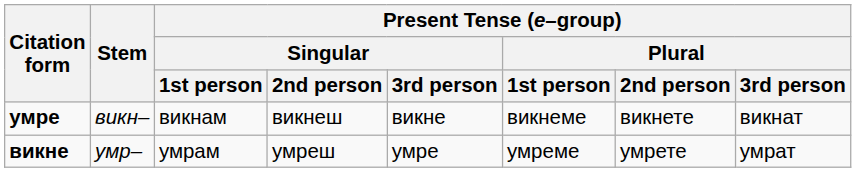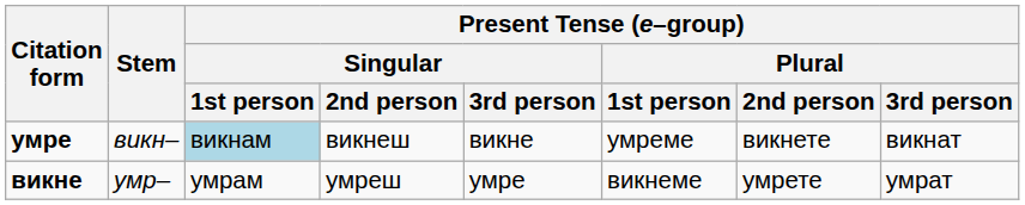 <table class="wikitable">
 <tr>
 <th rowspan="3">Citation<br>form</th>
 <th rowspan="3">Stem</th>
 <th colspan="6">Present Tense (<em>е</em>–group)</th>
 </tr>
 <tr>
 <th colspan="3">Singular</th>
 <th colspan="3">Plural</th>
 </tr>
 <tr>
 <th>1st person</th>
 <th>2nd person</th>
 <th>3rd person</th>
 <th>1st person</th>
 <th>2nd person</th>
 <th>3rd person</th>
 </tr>
 <tr>
 <td><strong>умре</strong></td>
 <td><em>викн–</em></td>
-<td>викн<span>ам</span></td>
+<td style="background: lightblue;">викн<span>ам</span></td>
 <td>викн<span>е</span><span>ш</span></td>
 <td>викн<span>е</span></td>
-<td>викн<span>е</span><span>ме</span></td>
+<td>умр<span>е</span><span>ме</span></td>
 <td>викн<span>е</span><span>те</span></td>
 <td>викн<span>ат</span></td>
 </tr>
 <tr>
 <td><strong>викне</strong></td>
 <td><em>умр–</em></td>
 <td>умр<span>ам</span></td>
 <td>умр<span>е</span><span>ш</span></td>
 <td>умр<span>е</span></td>
-<td>умр<span>е</span><span>ме</span></td>
+<td>викн<span>е</span><span>ме</span></td>
 <td>умр<span>е</span><span>те</span></td>
 <td>умр<span>ат</span></td>
 </tr>
 </table>
